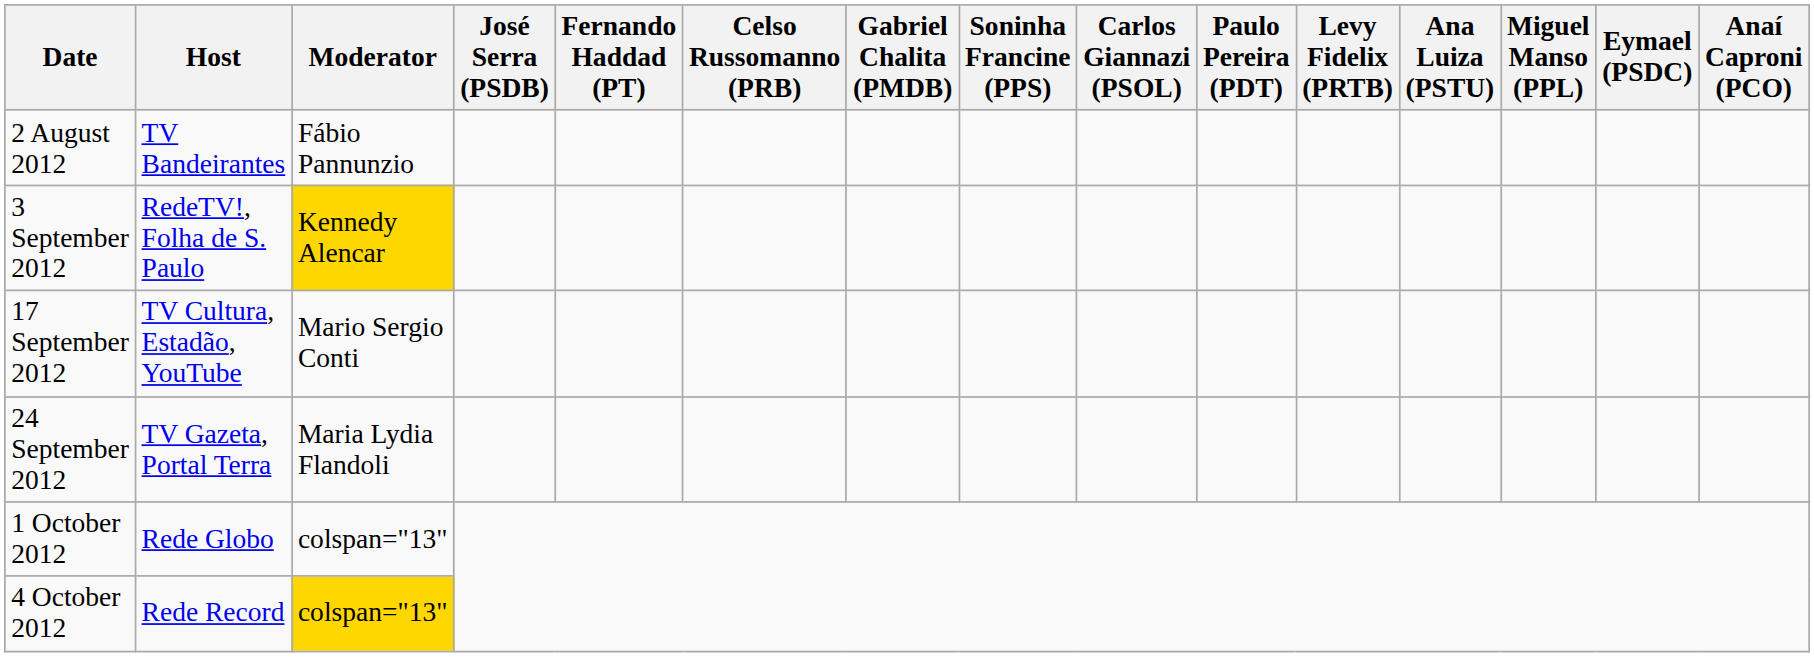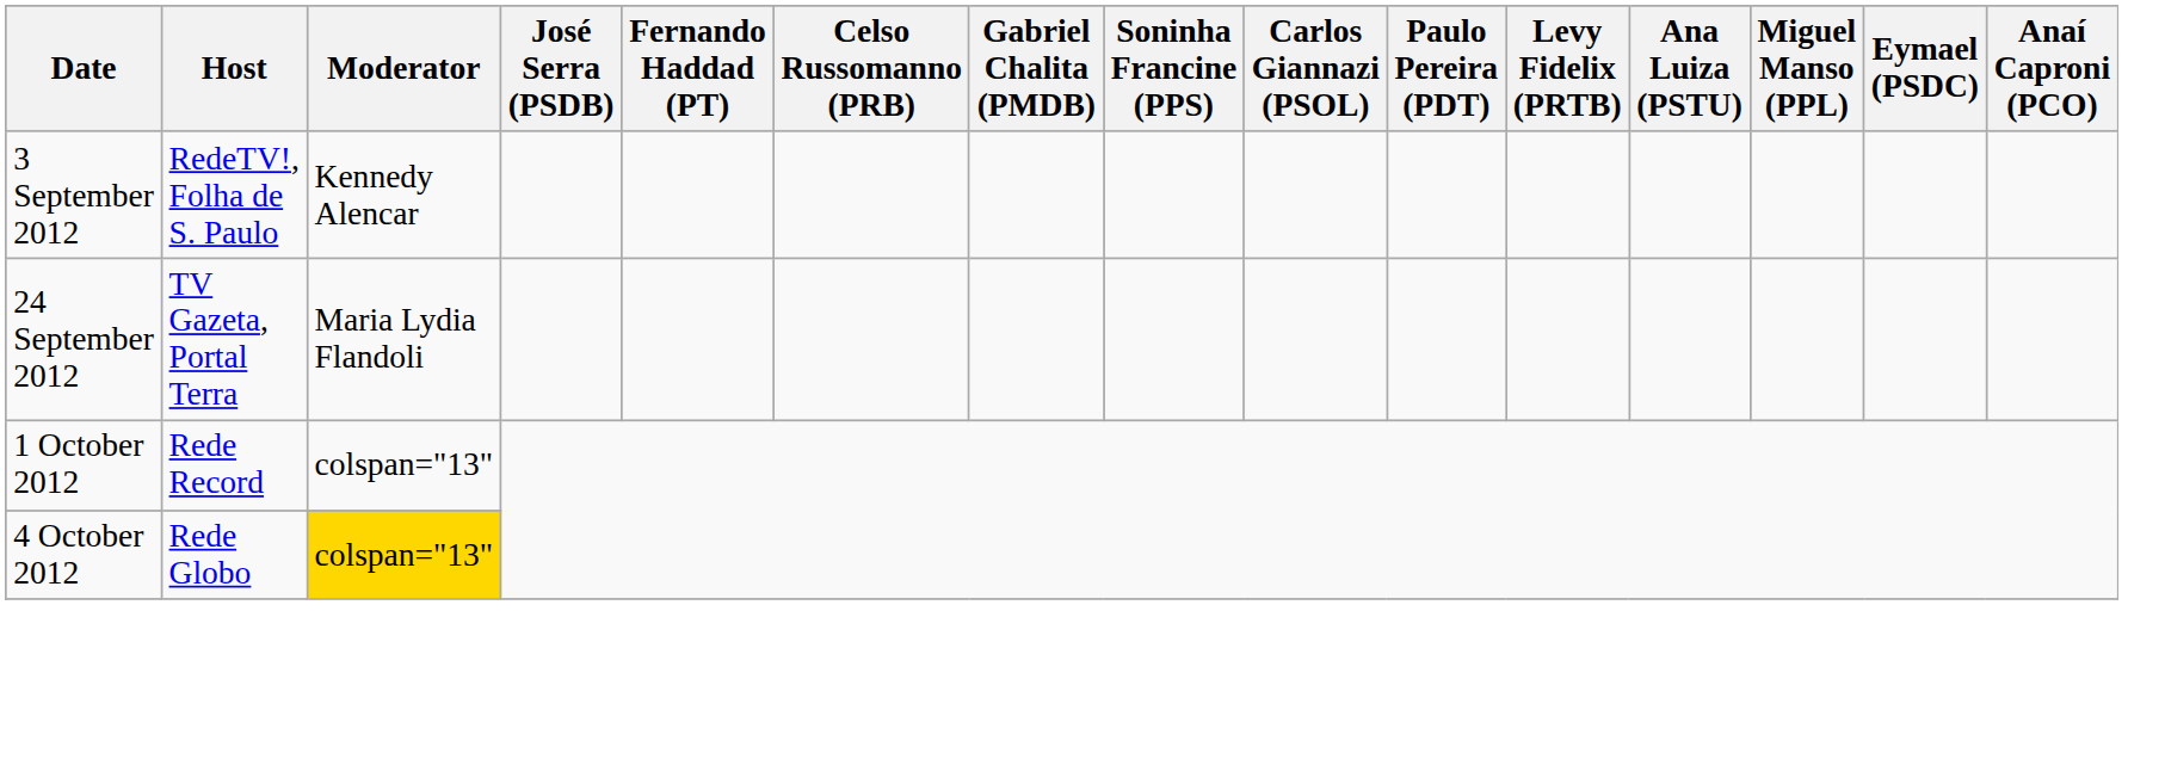 <table class="wikitable">
 <tr>
 <th>Date</th>
 <th>Host</th>
 <th>Moderator</th>
 <th width=30>José Serra (PSDB)</th>
 <th width=30>Fernando Haddad (PT)</th>
 <th width=30>Celso Russomanno (PRB)</th>
 <th width=30>Gabriel Chalita (PMDB)</th>
 <th width=30>Soninha Francine (PPS)</th>
 <th width=30>Carlos Giannazi (PSOL)</th>
 <th width=30>Paulo Pereira (PDT)</th>
 <th width=30>Levy Fidelix (PRTB)</th>
 <th width=30>Ana Luiza (PSTU)</th>
 <th width=30>Miguel Manso (PPL)</th>
 <th width=30>Eymael (PSDC)</th>
 <th width=30>Anaí Caproni (PCO)</th>
 </tr>
 <tr>
-<td>2 August 2012</td>
-<td><a href='#'>TV Bandeirantes</a></td>
-<td>Fábio Pannunzio</td>
-<td></td>
-<td></td>
-<td></td>
-<td></td>
-<td></td>
-<td></td>
-<td></td>
-<td></td>
-<td></td>
-<td></td>
-<td></td>
-<td></td>
-</tr>
-<tr>
 <td>3 September 2012</td>
 <td><a href='#'>RedeTV!</a>, <a href='#'>Folha de S. Paulo</a></td>
-<td style="background: gold;">Kennedy Alencar</td>
-<td></td>
-<td></td>
-<td></td>
-<td></td>
-<td></td>
-<td></td>
-<td></td>
-<td></td>
-<td></td>
-<td></td>
-<td></td>
-<td></td>
-</tr>
-<tr>
-<td>17 September 2012</td>
-<td><a href='#'>TV Cultura</a>, <a href='#'>Estadão</a>, <a href='#'>YouTube</a></td>
-<td>Mario Sergio Conti</td>
+<td>Kennedy Alencar</td>
 <td></td>
 <td></td>
 <td></td>
 <td></td>
 <td></td>
 <td></td>
 <td></td>
 <td></td>
 <td></td>
 <td></td>
 <td></td>
 <td></td>
 </tr>
 <tr>
 <td>24 September 2012</td>
 <td><a href='#'>TV Gazeta</a>, <a href='#'>Portal Terra</a></td>
 <td>Maria Lydia Flandoli</td>
 <td></td>
 <td></td>
 <td></td>
 <td></td>
 <td></td>
 <td></td>
 <td></td>
 <td></td>
 <td></td>
 <td></td>
 <td></td>
 <td></td>
 </tr>
 <tr>
 <td>1 October 2012</td>
-<td><a href='#'>Rede Globo</a></td>
+<td><a href='#'>Rede Record</a></td>
 <td>colspan="13" </td>
 </tr>
 <tr>
 <td>4 October 2012</td>
-<td><a href='#'>Rede Record</a></td>
+<td><a href='#'>Rede Globo</a></td>
 <td style="background: gold;">colspan="13" </td>
 </tr>
 </table>
